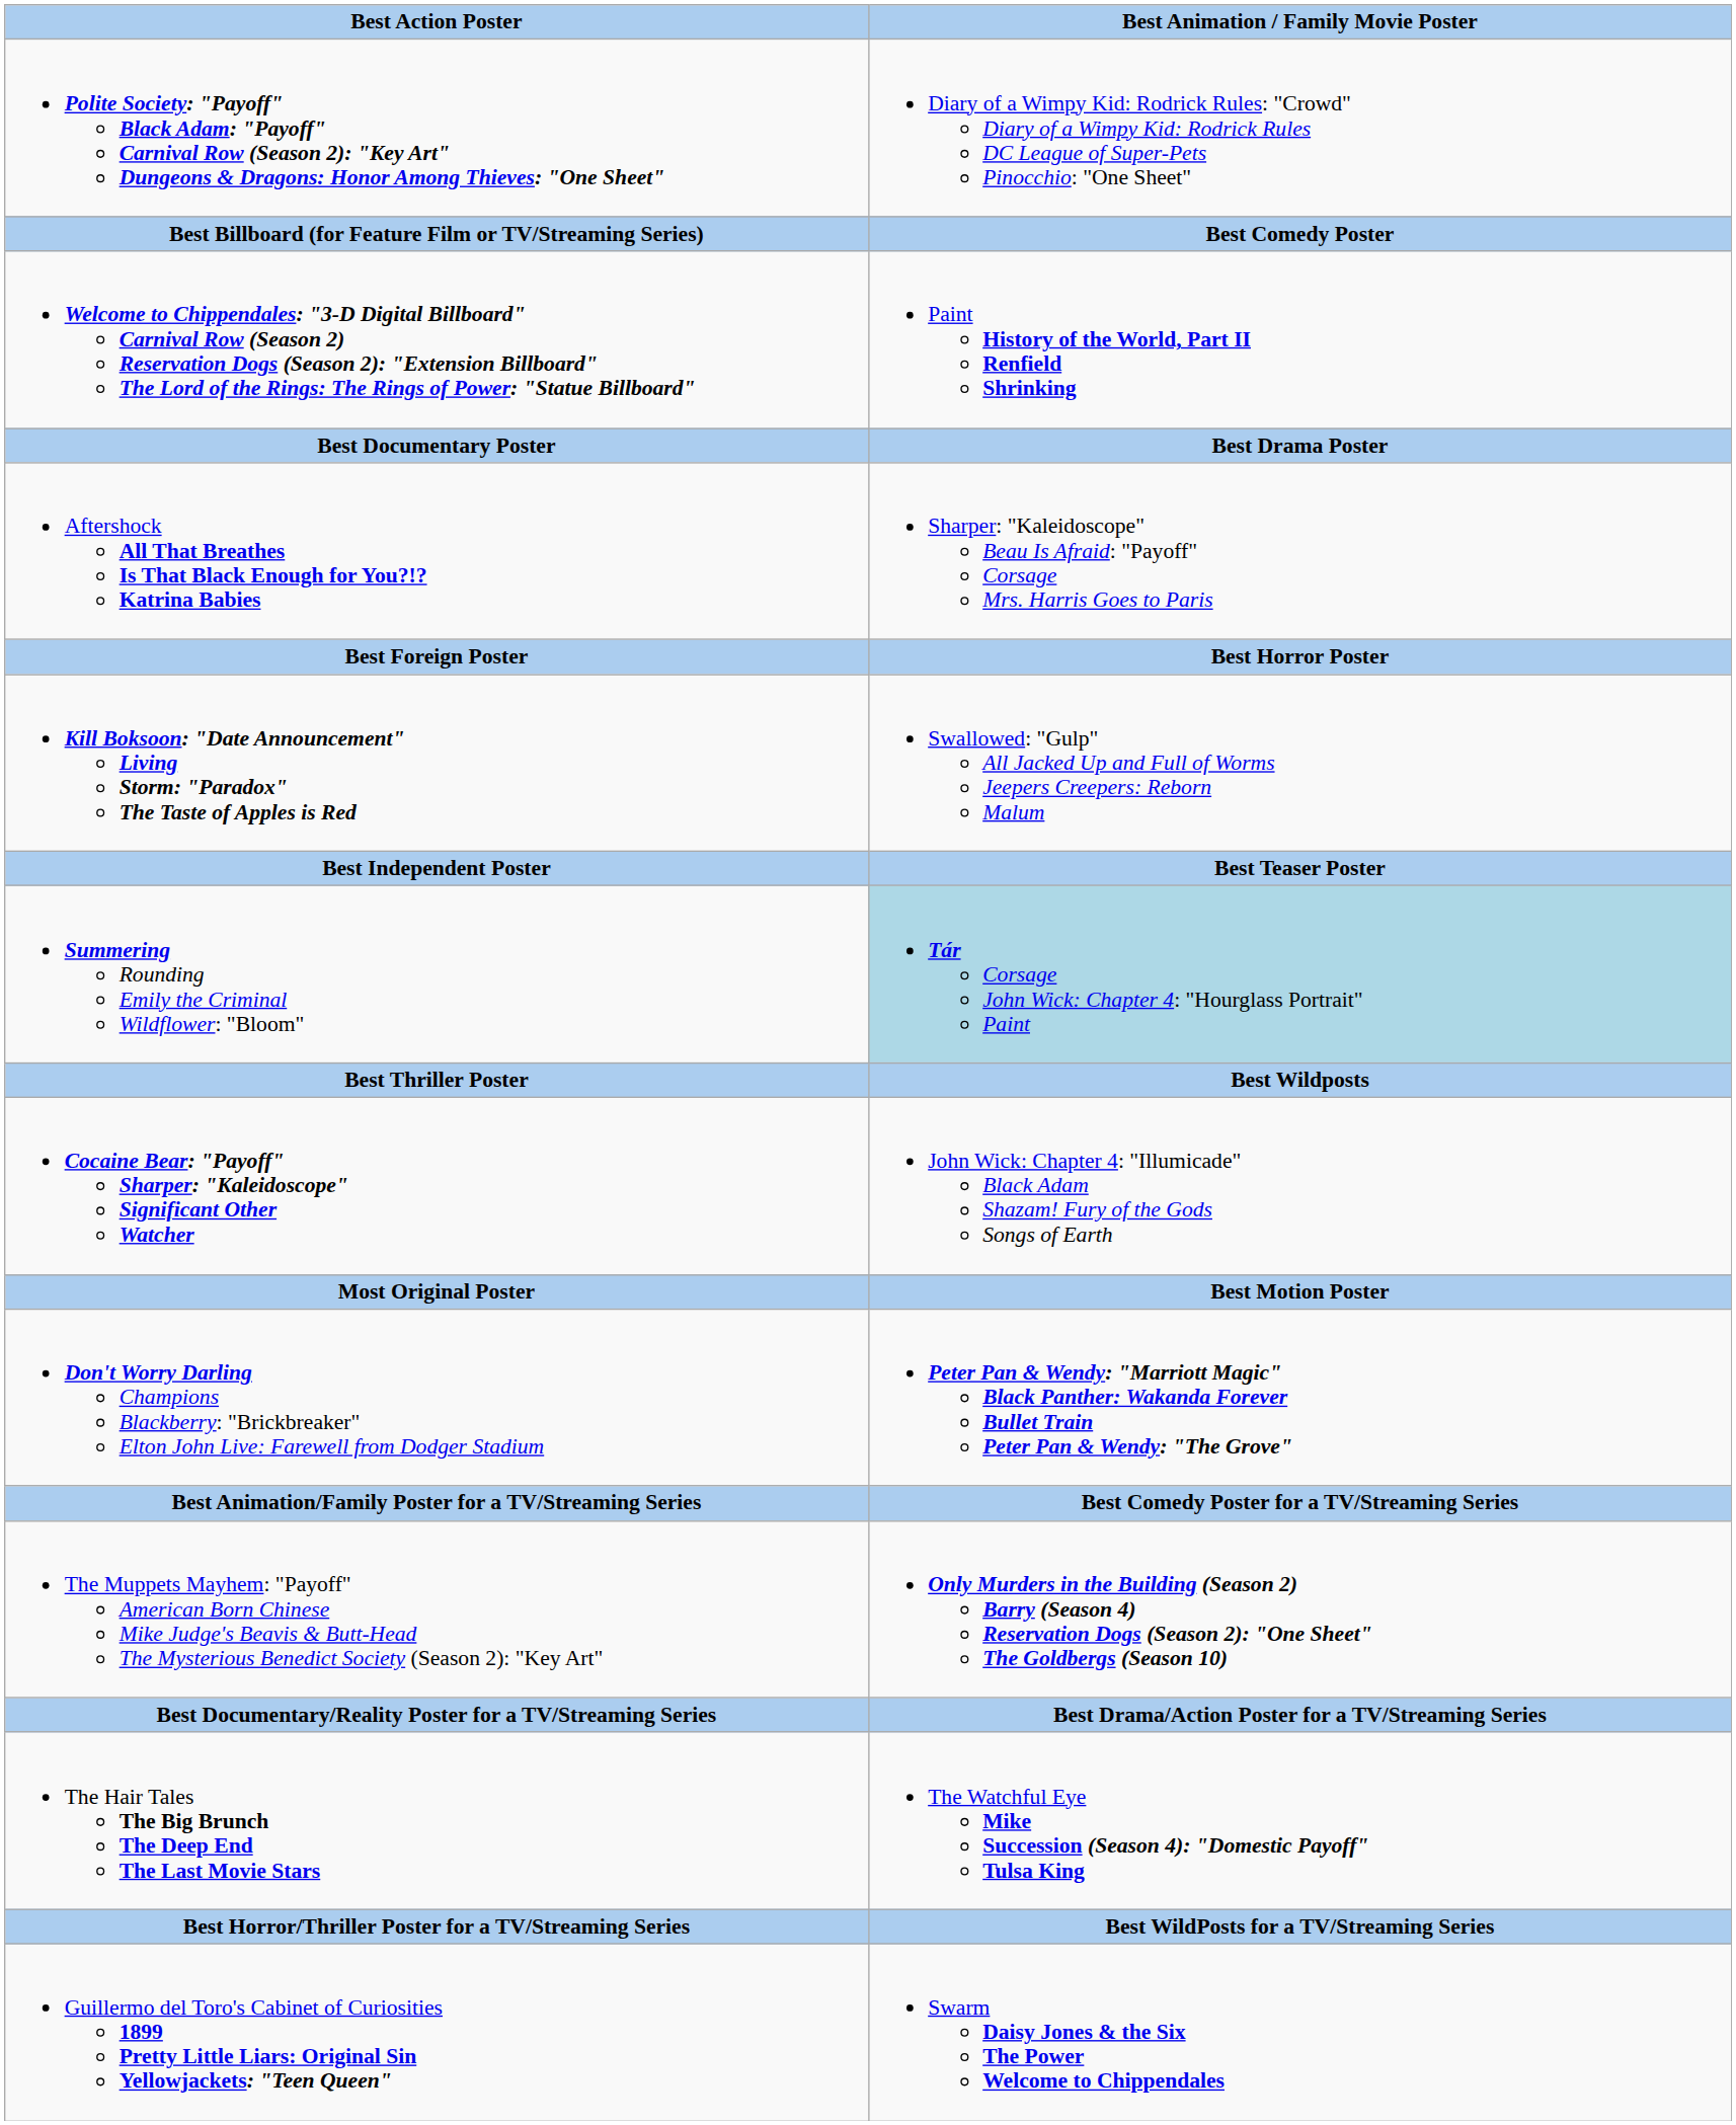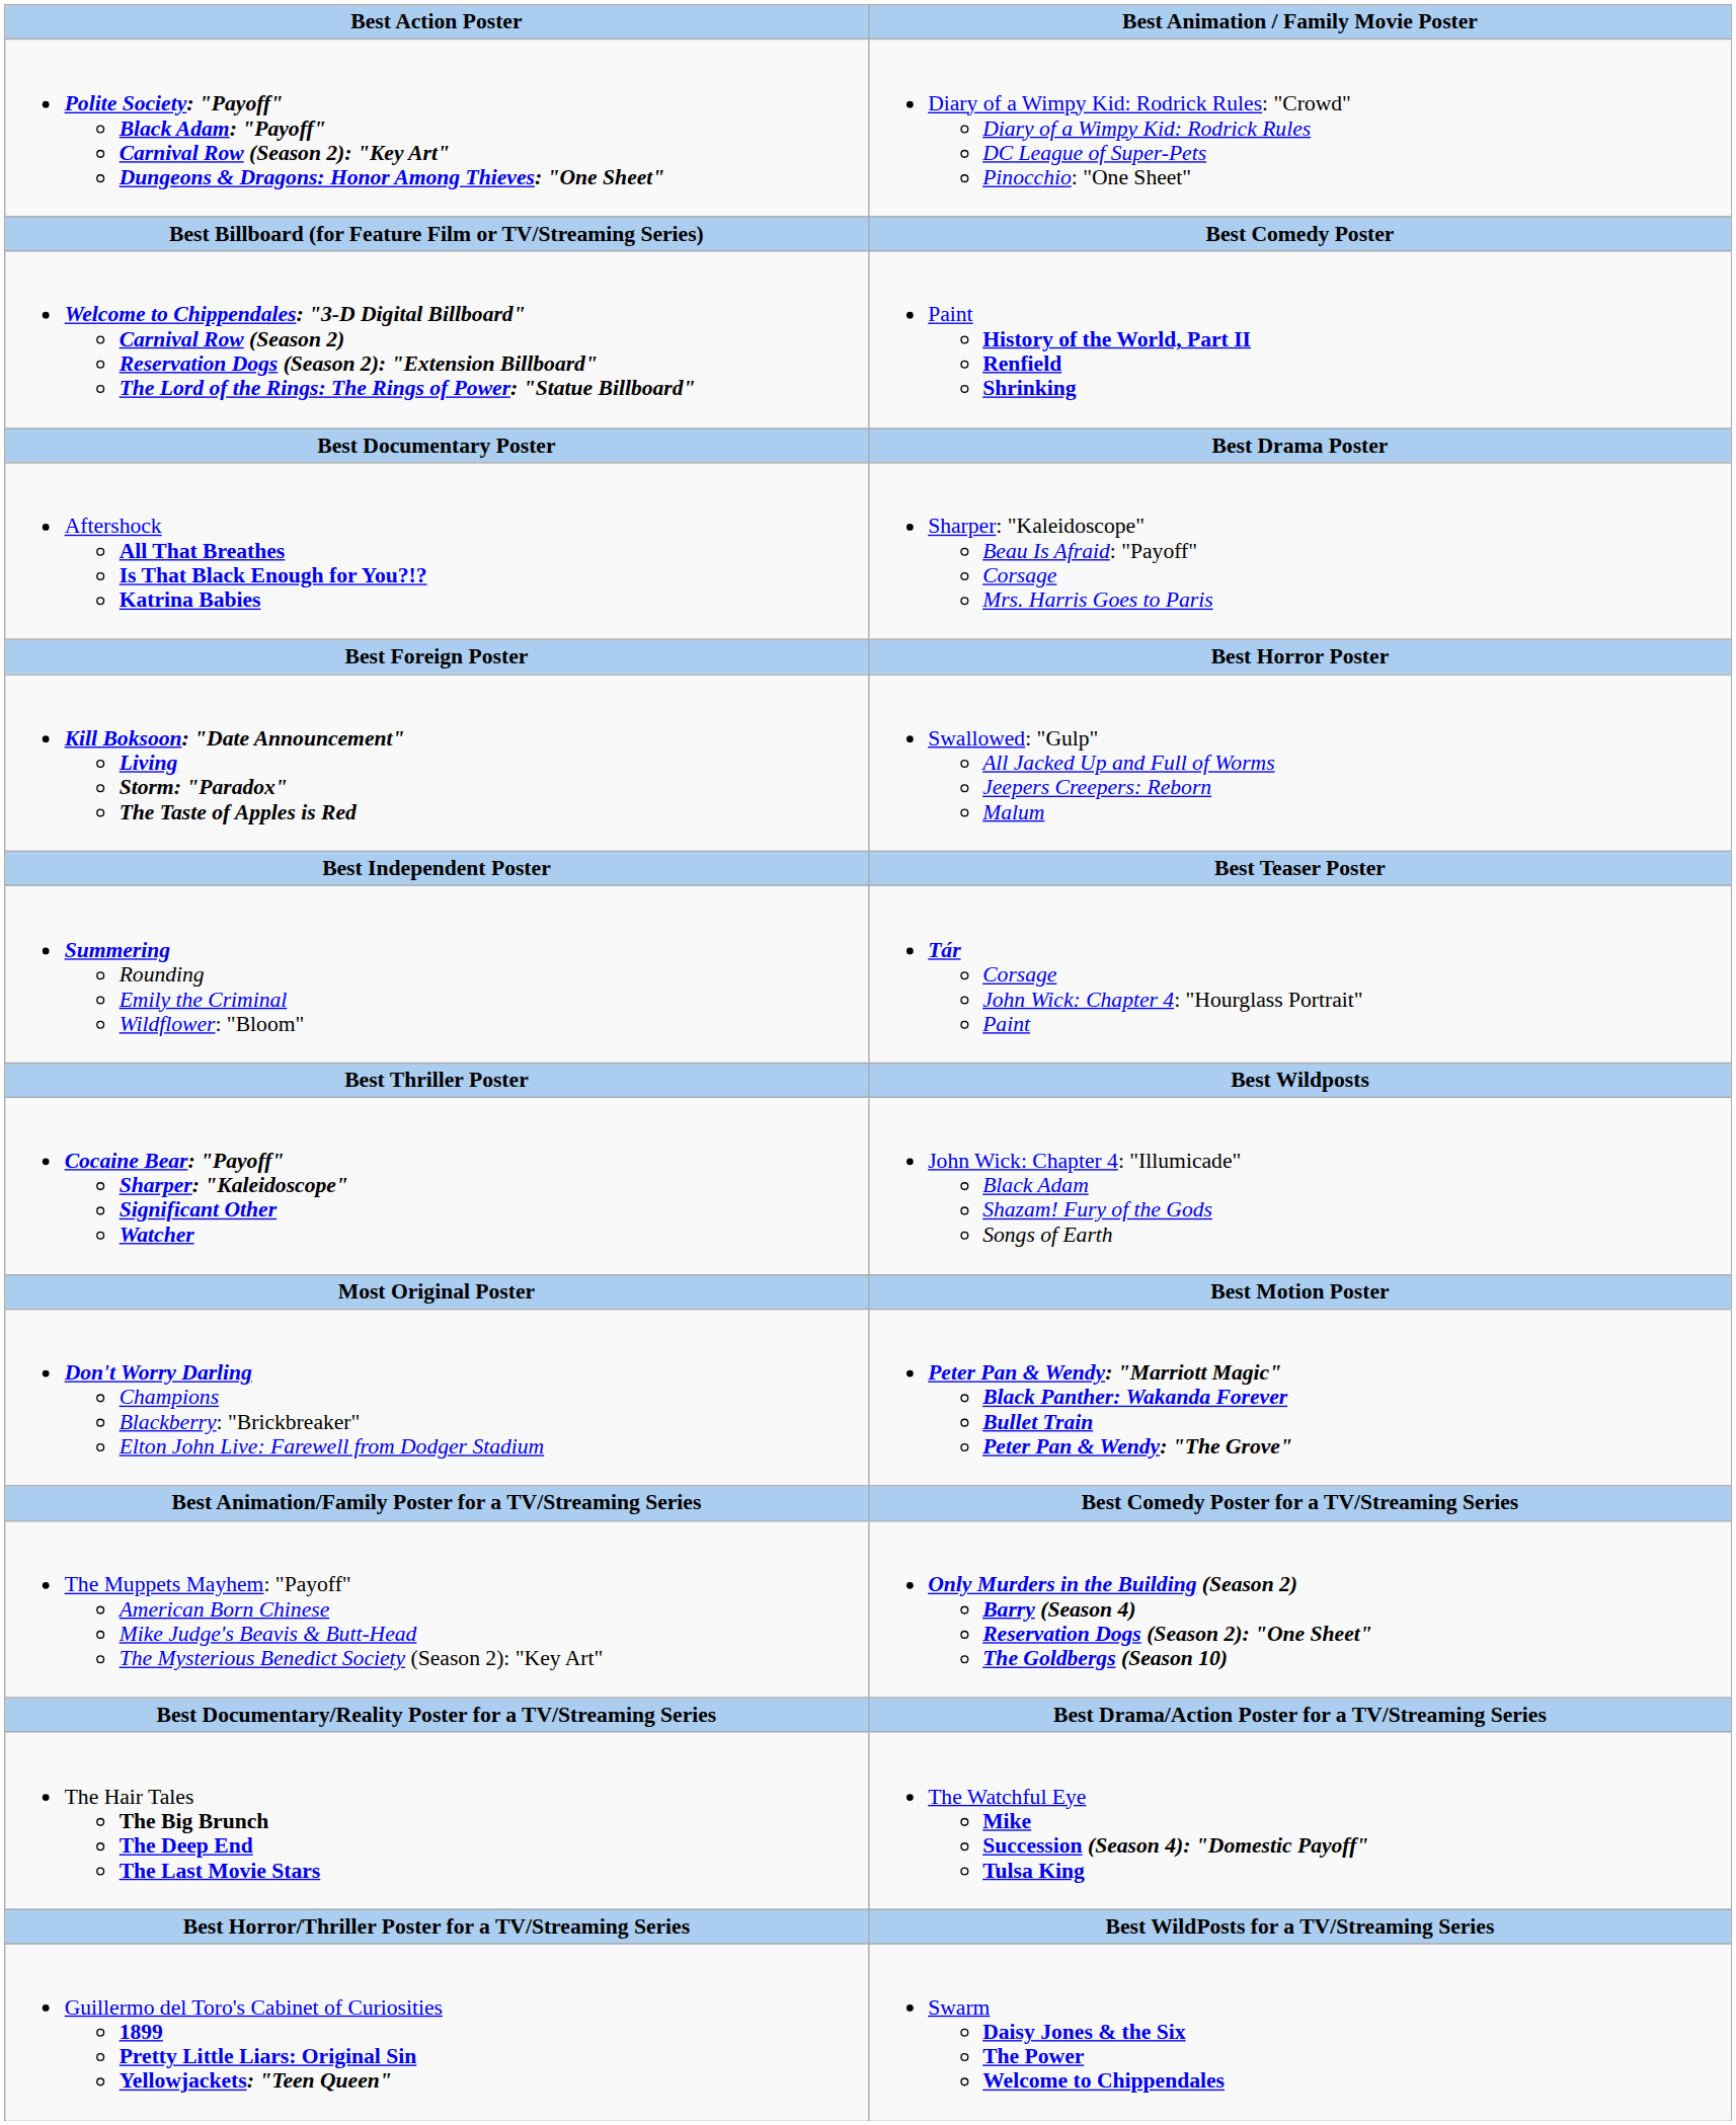 <table role="presentation" class=wikitable width=100%>
 <tr>
 <th style="background:#abcdef;" width="50%">Best Action Poster</th>
 <th style="background:#abcdef;" width="50%">Best Animation / Family Movie Poster</th>
 </tr>
 <tr>
 <td valign="top"><br><ul><li><strong><em><a href='#'>Polite Society</a><em>: "Payoff"<strong><ul><li></em><a href='#'>Black Adam</a><em>: "Payoff"</li><li></em><a href='#'>Carnival Row</a><em> (Season 2): "Key Art"</li><li></em><a href='#'>Dungeons & Dragons: Honor Among Thieves</a><em>: "One Sheet"</li></ul></li></ul></td>
 <td valign="top"><br><ul><li></em></strong><a href='#'>Diary of a Wimpy Kid: Rodrick Rules</a></em>: "Crowd"</strong><ul><li><em><a href='#'>Diary of a Wimpy Kid: Rodrick Rules</a></em></li><li><em><a href='#'>DC League of Super-Pets</a></em></li><li><em><a href='#'>Pinocchio</a></em>: "One Sheet"</li></ul></li></ul></td>
 </tr>
 <tr>
 <th style="background:#abcdef;">Best Billboard (for Feature Film or TV/Streaming Series)</th>
 <th style="background:#abcdef;">Best Comedy Poster</th>
 </tr>
 <tr>
 <td valign="top"><br><ul><li><strong><em><a href='#'>Welcome to Chippendales</a><em>: "3-D Digital Billboard"<strong><ul><li></em><a href='#'>Carnival Row</a><em> (Season 2)</li><li></em><a href='#'>Reservation Dogs</a><em> (Season 2): "Extension Billboard"</li><li></em><a href='#'>The Lord of the Rings: The Rings of Power</a><em>: "Statue Billboard"</li></ul></li></ul></td>
 <td valign="top"><br><ul><li></em></strong><a href='#'>Paint</a><strong><em><ul><li></em><a href='#'>History of the World, Part II</a><em></li><li></em><a href='#'>Renfield</a><em></li><li></em><a href='#'>Shrinking</a><em></li></ul></li></ul></td>
 </tr>
 <tr>
 <th style="background:#abcdef;">Best Documentary Poster</th>
 <th style="background:#abcdef;">Best Drama Poster</th>
 </tr>
 <tr>
 <td valign="top"><br><ul><li></em></strong><a href='#'>Aftershock</a><strong><em><ul><li></em><a href='#'>All That Breathes</a><em></li><li></em><a href='#'>Is That Black Enough for You?!?</a><em></li><li></em><a href='#'>Katrina Babies</a><em></li></ul></li></ul></td>
 <td valign="top"><br><ul><li></em></strong><a href='#'>Sharper</a></em>: "Kaleidoscope"</strong><ul><li><em><a href='#'>Beau Is Afraid</a></em>: "Payoff"</li><li><em><a href='#'>Corsage</a></em></li><li><em><a href='#'>Mrs. Harris Goes to Paris</a></em></li></ul></li></ul></td>
 </tr>
 <tr>
 <th style="background:#abcdef;">Best Foreign Poster</th>
 <th style="background:#abcdef;">Best Horror Poster</th>
 </tr>
 <tr>
 <td valign="top"><br><ul><li><strong><em><a href='#'>Kill Boksoon</a><em>: "Date Announcement"<strong><ul><li></em><a href='#'>Living</a><em></li><li></em>Storm<em>: "Paradox"</li><li></em>The Taste of Apples is Red<em></li></ul></li></ul></td>
 <td valign="top"><br><ul><li></em></strong><a href='#'>Swallowed</a></em>: "Gulp"</strong><ul><li><em><a href='#'>All Jacked Up and Full of Worms</a></em></li><li><em><a href='#'>Jeepers Creepers: Reborn</a></em></li><li><em><a href='#'>Malum</a></em></li></ul></li></ul></td>
 </tr>
 <tr>
 <th style="background:#abcdef;">Best Independent Poster</th>
 <th style="background:#abcdef;">Best Teaser Poster</th>
 </tr>
 <tr>
 <td valign="top"><br><ul><li><strong><em><a href='#'>Summering</a></em></strong><ul><li><em>Rounding</em></li><li><em><a href='#'>Emily the Criminal</a></em></li><li><em><a href='#'>Wildflower</a></em>: "Bloom"</li></ul></li></ul></td>
-<td valign="top" style="background: lightblue;"><br><ul><li><strong><em><a href='#'>Tár</a></em></strong><ul><li><em><a href='#'>Corsage</a></em></li><li><em><a href='#'>John Wick: Chapter 4</a></em>: "Hourglass Portrait"</li><li><em><a href='#'>Paint</a></em></li></ul></li></ul></td>
+<td valign="top"><br><ul><li><strong><em><a href='#'>Tár</a></em></strong><ul><li><em><a href='#'>Corsage</a></em></li><li><em><a href='#'>John Wick: Chapter 4</a></em>: "Hourglass Portrait"</li><li><em><a href='#'>Paint</a></em></li></ul></li></ul></td>
 </tr>
 <tr>
 <th style="background:#abcdef;">Best Thriller Poster</th>
 <th style="background:#abcdef;">Best Wildposts</th>
 </tr>
 <tr>
 <td valign="top"><br><ul><li><strong><em><a href='#'>Cocaine Bear</a><em>: "Payoff"<strong><ul><li></em><a href='#'>Sharper</a><em>: "Kaleidoscope"</li><li></em><a href='#'>Significant Other</a><em></li><li></em><a href='#'>Watcher</a><em></li></ul></li></ul></td>
 <td valign="top"><br><ul><li></em></strong><a href='#'>John Wick: Chapter 4</a></em>: "Illumicade"</strong><ul><li><em><a href='#'>Black Adam</a></em></li><li><em><a href='#'>Shazam! Fury of the Gods</a></em></li><li><em>Songs of Earth</em></li></ul></li></ul></td>
 </tr>
 <tr>
 <th style="background:#abcdef;">Most Original Poster</th>
 <th style="background:#abcdef;">Best Motion Poster</th>
 </tr>
 <tr>
 <td valign="top"><br><ul><li><strong><em><a href='#'>Don't Worry Darling</a></em></strong><ul><li><em><a href='#'>Champions</a></em></li><li><em><a href='#'>Blackberry</a></em>: "Brickbreaker"</li><li><em><a href='#'>Elton John Live: Farewell from Dodger Stadium</a></em></li></ul></li></ul></td>
 <td valign="top"><br><ul><li><strong><em><a href='#'>Peter Pan & Wendy</a><em>: "Marriott Magic"<strong><ul><li></em><a href='#'>Black Panther: Wakanda Forever</a><em></li><li></em><a href='#'>Bullet Train</a><em></li><li></em><a href='#'>Peter Pan & Wendy</a><em>: "The Grove"</li></ul></li></ul></td>
 </tr>
 <tr>
 <th style="background:#abcdef;">Best Animation/Family Poster for a TV/Streaming Series</th>
 <th style="background:#abcdef;">Best Comedy Poster for a TV/Streaming Series</th>
 </tr>
 <tr>
 <td valign="top"><br><ul><li></em></strong><a href='#'>The Muppets Mayhem</a></em>: "Payoff"</strong><ul><li><em><a href='#'>American Born Chinese</a></em></li><li><em><a href='#'>Mike Judge's Beavis & Butt-Head</a></em></li><li><em><a href='#'>The Mysterious Benedict Society</a></em> (Season 2): "Key Art"</li></ul></li></ul></td>
 <td valign="top"><br><ul><li><strong><em><a href='#'>Only Murders in the Building</a><em> (Season 2)<strong><ul><li></em><a href='#'>Barry</a><em> (Season 4)</li><li></em><a href='#'>Reservation Dogs</a><em> (Season 2): "One Sheet"</li><li></em><a href='#'>The Goldbergs</a><em> (Season 10)</li></ul></li></ul></td>
 </tr>
 <tr>
 <th style="background:#abcdef;">Best Documentary/Reality Poster for a TV/Streaming Series</th>
 <th style="background:#abcdef;">Best Drama/Action Poster for a TV/Streaming Series</th>
 </tr>
 <tr>
 <td valign="top"><br><ul><li></em></strong>The Hair Tales<strong><em><ul><li></em>The Big Brunch<em></li><li></em><a href='#'>The Deep End</a><em></li><li></em><a href='#'>The Last Movie Stars</a><em></li></ul></li></ul></td>
 <td valign="top"><br><ul><li></em></strong><a href='#'>The Watchful Eye</a><strong><em><ul><li></em><a href='#'>Mike</a><em></li><li></em><a href='#'>Succession</a><em> (Season 4): "Domestic Payoff"</li><li></em><a href='#'>Tulsa King</a><em></li></ul></li></ul></td>
 </tr>
 <tr>
 <th style="background:#abcdef;">Best Horror/Thriller Poster for a TV/Streaming Series</th>
 <th style="background:#abcdef;">Best WildPosts for a TV/Streaming Series</th>
 </tr>
 <tr>
 <td valign="top"><br><ul><li></em></strong><a href='#'>Guillermo del Toro's Cabinet of Curiosities</a><strong><em><ul><li></em><a href='#'>1899</a><em></li><li></em><a href='#'>Pretty Little Liars: Original Sin</a><em></li><li></em><a href='#'>Yellowjackets</a><em>: "Teen Queen"</li></ul></li></ul></td>
 <td valign="top"><br><ul><li></em></strong><a href='#'>Swarm</a><strong><em><ul><li></em><a href='#'>Daisy Jones & the Six</a><em></li><li></em><a href='#'>The Power</a><em></li><li></em><a href='#'>Welcome to Chippendales</a><em></li></ul></li></ul></td>
 </tr>
 <tr>
 </tr>
 </table>
